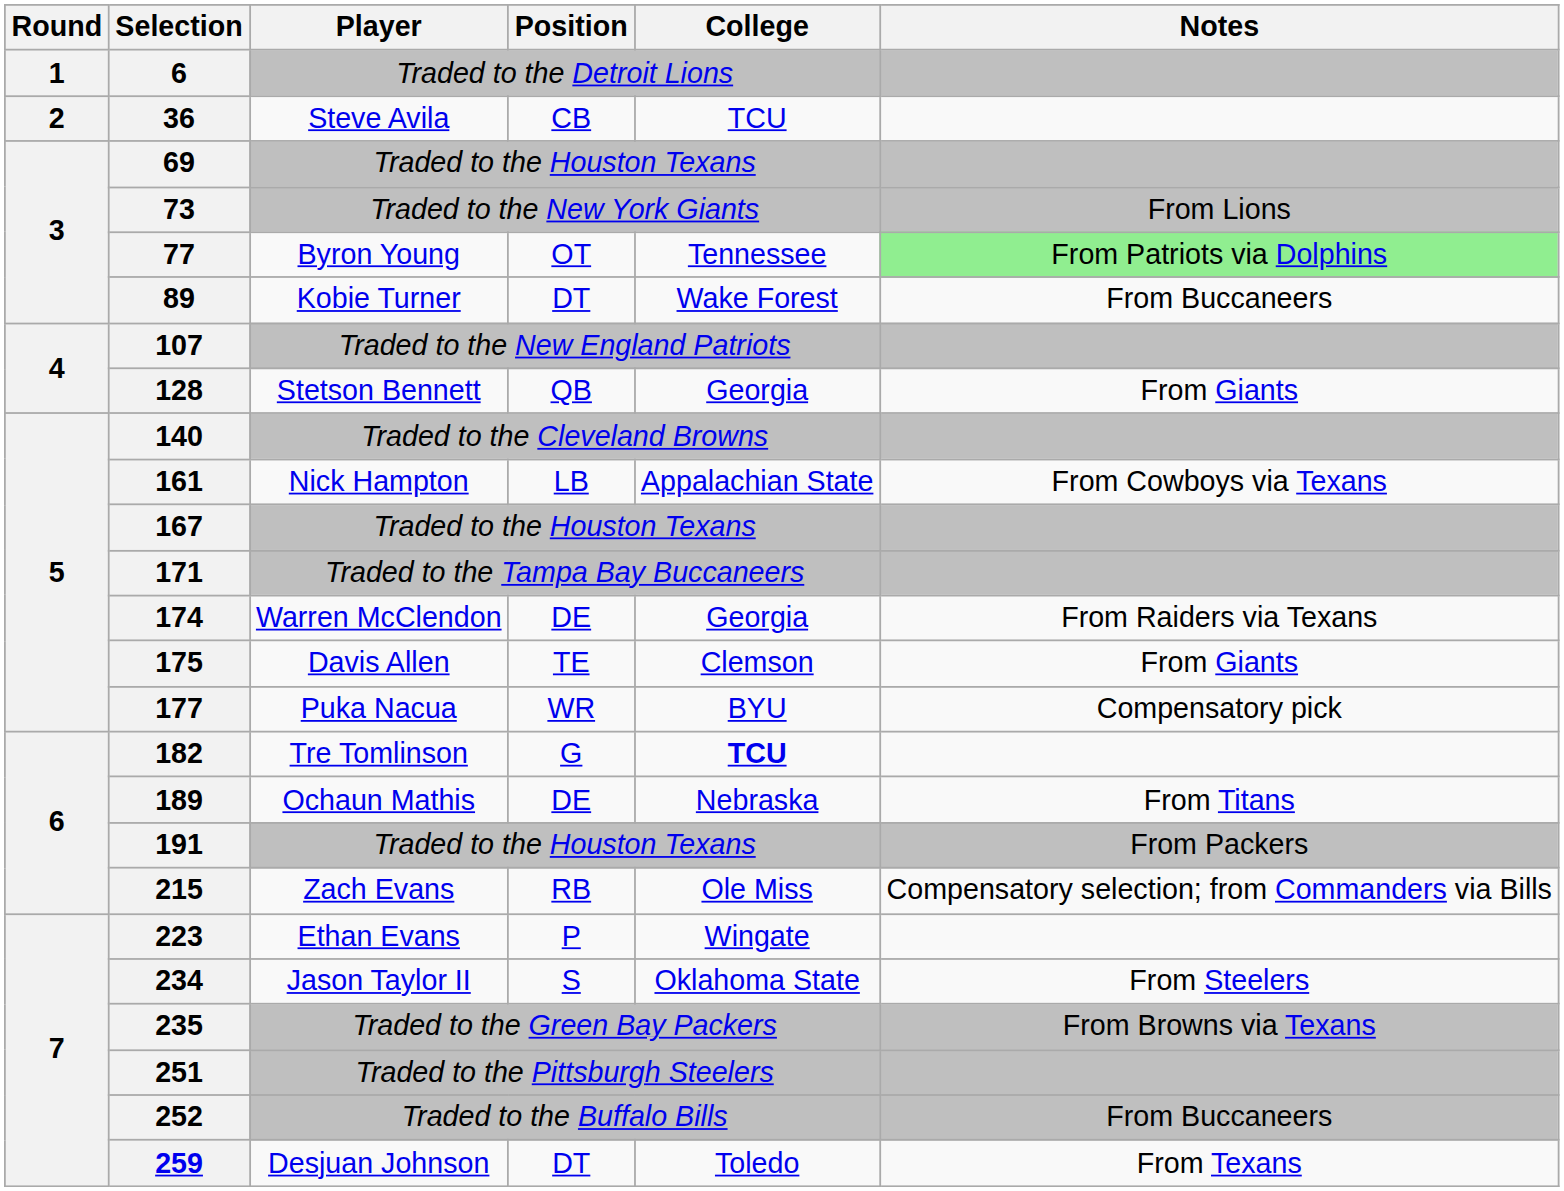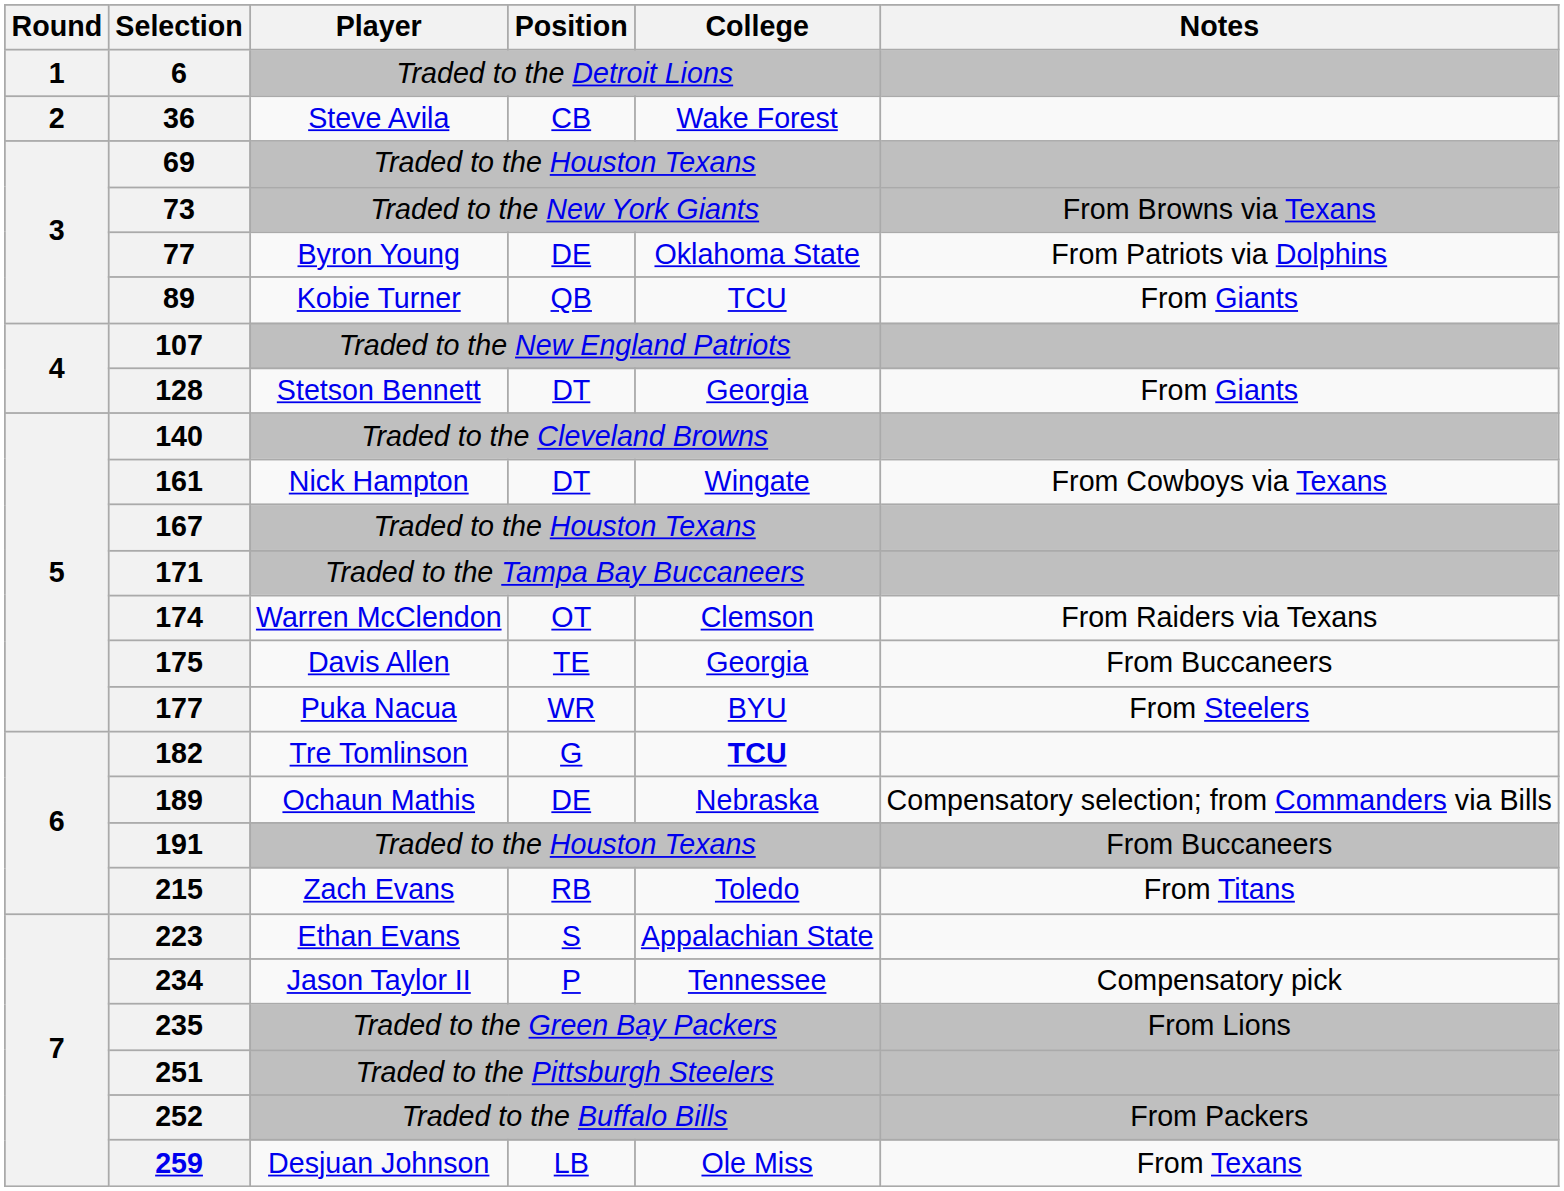 <table class="wikitable" style="text-align:center">
 <tr>
 <th>Round</th>
 <th>Selection</th>
 <th>Player</th>
 <th>Position</th>
 <th>College</th>
 <th>Notes</th>
 </tr>
 <tr>
 <th>1</th>
 <th>6</th>
 <td colspan="3" style="background:#BFBFBF"><em>Traded to the <a href='#'>Detroit Lions</a></em></td>
 <td style="background:#BFBFBF"></td>
 </tr>
 <tr>
 <th>2</th>
 <th>36</th>
 <td><a href='#'>Steve Avila</a></td>
 <td><a href='#'>CB</a></td>
-<td><a href='#'>TCU</a></td>
+<td><a href='#'>Wake Forest</a></td>
 <td></td>
 </tr>
 <tr>
 <th rowspan="4">3</th>
 <th>69</th>
 <td colspan="3" style="background:#BFBFBF"><em>Traded to the <a href='#'>Houston Texans</a></em></td>
 <td style="background:#BFBFBF"></td>
 </tr>
 <tr>
 <th>73</th>
 <td colspan="3" style="background:#BFBFBF"><em>Traded to the <a href='#'>New York Giants</a></em></td>
-<td style="background:#BFBFBF">From Lions</td>
+<td style="background:#BFBFBF">From Browns via <a href='#'>Texans</a></td>
 </tr>
 <tr>
 <th>77</th>
 <td><a href='#'>Byron Young</a></td>
-<td><a href='#'>OT</a></td>
-<td><a href='#'>Tennessee</a></td>
-<td style="background: lightgreen;">From Patriots via <a href='#'>Dolphins</a></td>
+<td><a href='#'>DE</a></td>
+<td><a href='#'>Oklahoma State</a></td>
+<td>From Patriots via <a href='#'>Dolphins</a></td>
 </tr>
 <tr>
 <th>89</th>
 <td><a href='#'>Kobie Turner</a></td>
-<td><a href='#'>DT</a></td>
-<td><a href='#'>Wake Forest</a></td>
-<td>From Buccaneers</td>
+<td><a href='#'>QB</a></td>
+<td><a href='#'>TCU</a></td>
+<td>From <a href='#'>Giants</a></td>
 </tr>
 <tr>
 <th rowspan="2">4</th>
 <th>107</th>
 <td colspan="3" style="background:#BFBFBF"><em>Traded to the <a href='#'>New England Patriots</a></em></td>
 <td style="background:#BFBFBF"></td>
 </tr>
 <tr>
 <th>128</th>
 <td><a href='#'>Stetson Bennett</a></td>
-<td><a href='#'>QB</a></td>
+<td><a href='#'>DT</a></td>
 <td><a href='#'>Georgia</a></td>
 <td>From <a href='#'>Giants</a></td>
 </tr>
 <tr>
 <th rowspan="7">5</th>
 <th>140</th>
 <td colspan="3" style="background:#BFBFBF"><em>Traded to the <a href='#'>Cleveland Browns</a></em></td>
 <td style="background:#BFBFBF"></td>
 </tr>
 <tr>
 <th>161</th>
 <td><a href='#'>Nick Hampton</a></td>
-<td><a href='#'>LB</a></td>
-<td><a href='#'>Appalachian State</a></td>
+<td><a href='#'>DT</a></td>
+<td><a href='#'>Wingate</a></td>
 <td>From Cowboys via <a href='#'>Texans</a></td>
 </tr>
 <tr>
 <th>167</th>
 <td colspan="3" style="background:#BFBFBF"><em>Traded to the <a href='#'>Houston Texans</a></em></td>
 <td style="background:#BFBFBF"></td>
 </tr>
 <tr>
 <th>171</th>
 <td colspan="3" style="background:#BFBFBF"><em>Traded to the <a href='#'>Tampa Bay Buccaneers</a></em></td>
 <td style="background:#BFBFBF"></td>
 </tr>
 <tr>
 <th>174</th>
 <td><a href='#'>Warren McClendon</a></td>
-<td><a href='#'>DE</a></td>
-<td><a href='#'>Georgia</a></td>
+<td><a href='#'>OT</a></td>
+<td><a href='#'>Clemson</a></td>
 <td>From Raiders via Texans</td>
 </tr>
 <tr>
 <th>175</th>
 <td><a href='#'>Davis Allen</a></td>
 <td><a href='#'>TE</a></td>
-<td><a href='#'>Clemson</a></td>
-<td>From <a href='#'>Giants</a></td>
+<td><a href='#'>Georgia</a></td>
+<td>From Buccaneers</td>
 </tr>
 <tr>
 <th>177</th>
 <td><a href='#'>Puka Nacua</a></td>
 <td><a href='#'>WR</a></td>
 <td><a href='#'>BYU</a></td>
-<td>Compensatory pick</td>
+<td>From <a href='#'>Steelers</a></td>
 </tr>
 <tr>
 <th rowspan="4">6</th>
 <th>182</th>
 <td><a href='#'>Tre Tomlinson</a></td>
 <td><a href='#'>G</a></td>
 <td><strong><a href='#'>TCU</a></strong></td>
 <td></td>
 </tr>
 <tr>
 <th>189</th>
 <td><a href='#'>Ochaun Mathis</a></td>
 <td><a href='#'>DE</a></td>
 <td><a href='#'>Nebraska</a></td>
-<td>From <a href='#'>Titans</a></td>
+<td>Compensatory selection; from <a href='#'>Commanders</a> via Bills</td>
 </tr>
 <tr>
 <th>191</th>
 <td colspan="3" style="background:#BFBFBF"><em>Traded to the <a href='#'>Houston Texans</a></em></td>
-<td style="background:#BFBFBF">From Packers</td>
+<td style="background:#BFBFBF">From Buccaneers</td>
 </tr>
 <tr>
 <th>215</th>
 <td><a href='#'>Zach Evans</a></td>
 <td><a href='#'>RB</a></td>
-<td><a href='#'>Ole Miss</a></td>
-<td>Compensatory selection; from <a href='#'>Commanders</a> via Bills</td>
+<td><a href='#'>Toledo</a></td>
+<td>From <a href='#'>Titans</a></td>
 </tr>
 <tr>
 <th rowspan="6">7</th>
 <th>223</th>
 <td><a href='#'>Ethan Evans</a></td>
-<td><a href='#'>P</a></td>
-<td><a href='#'>Wingate</a></td>
+<td><a href='#'>S</a></td>
+<td><a href='#'>Appalachian State</a></td>
 <td></td>
 </tr>
 <tr>
 <th>234</th>
 <td><a href='#'>Jason Taylor II</a></td>
-<td><a href='#'>S</a></td>
-<td><a href='#'>Oklahoma State</a></td>
-<td>From <a href='#'>Steelers</a></td>
+<td><a href='#'>P</a></td>
+<td><a href='#'>Tennessee</a></td>
+<td>Compensatory pick</td>
 </tr>
 <tr>
 <th>235</th>
 <td colspan="3" style="background:#BFBFBF"><em>Traded to the <a href='#'>Green Bay Packers</a></em></td>
-<td style="background:#BFBFBF">From Browns via <a href='#'>Texans</a></td>
+<td style="background:#BFBFBF">From Lions</td>
 </tr>
 <tr>
 <th>251</th>
 <td colspan="3" style="background:#BFBFBF"><em>Traded to the <a href='#'>Pittsburgh Steelers</a></em></td>
 <td style="background:#BFBFBF"></td>
 </tr>
 <tr>
 <th>252</th>
 <td colspan="3" style="background:#BFBFBF"><em>Traded to the <a href='#'>Buffalo Bills</a></em></td>
-<td style="background:#BFBFBF">From Buccaneers</td>
+<td style="background:#BFBFBF">From Packers</td>
 </tr>
 <tr>
 <th><a href='#'>259</a></th>
 <td><a href='#'>Desjuan Johnson</a></td>
-<td><a href='#'>DT</a></td>
-<td><a href='#'>Toledo</a></td>
+<td><a href='#'>LB</a></td>
+<td><a href='#'>Ole Miss</a></td>
 <td>From <a href='#'>Texans</a></td>
 </tr>
 </table>
